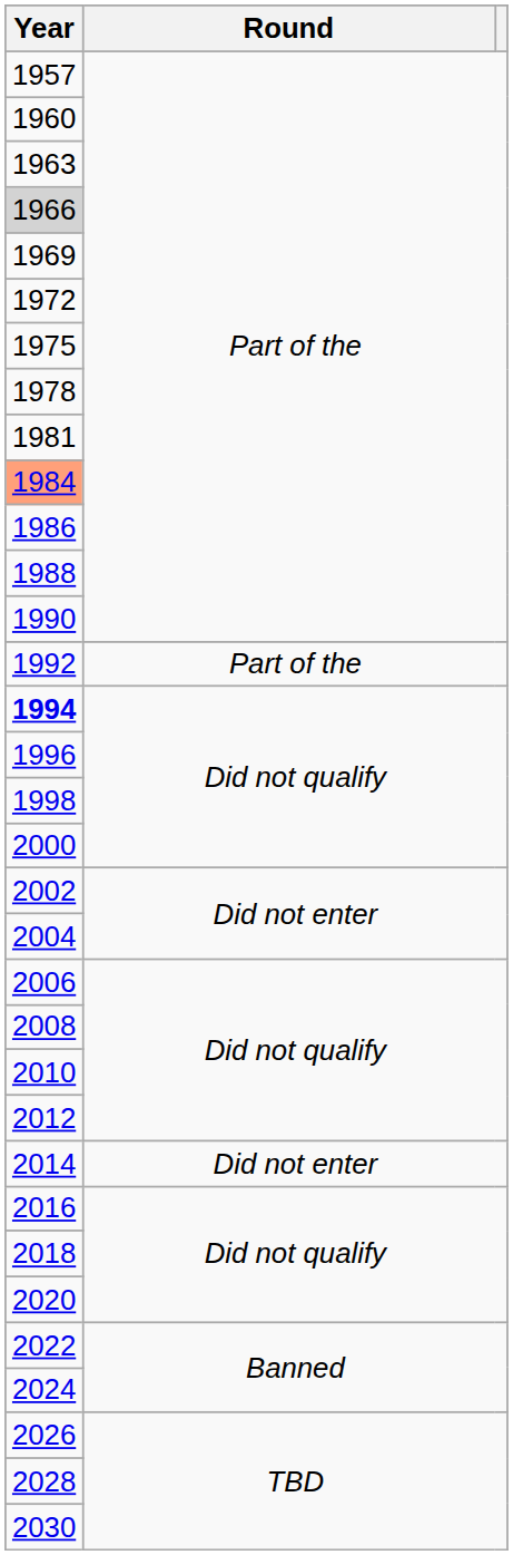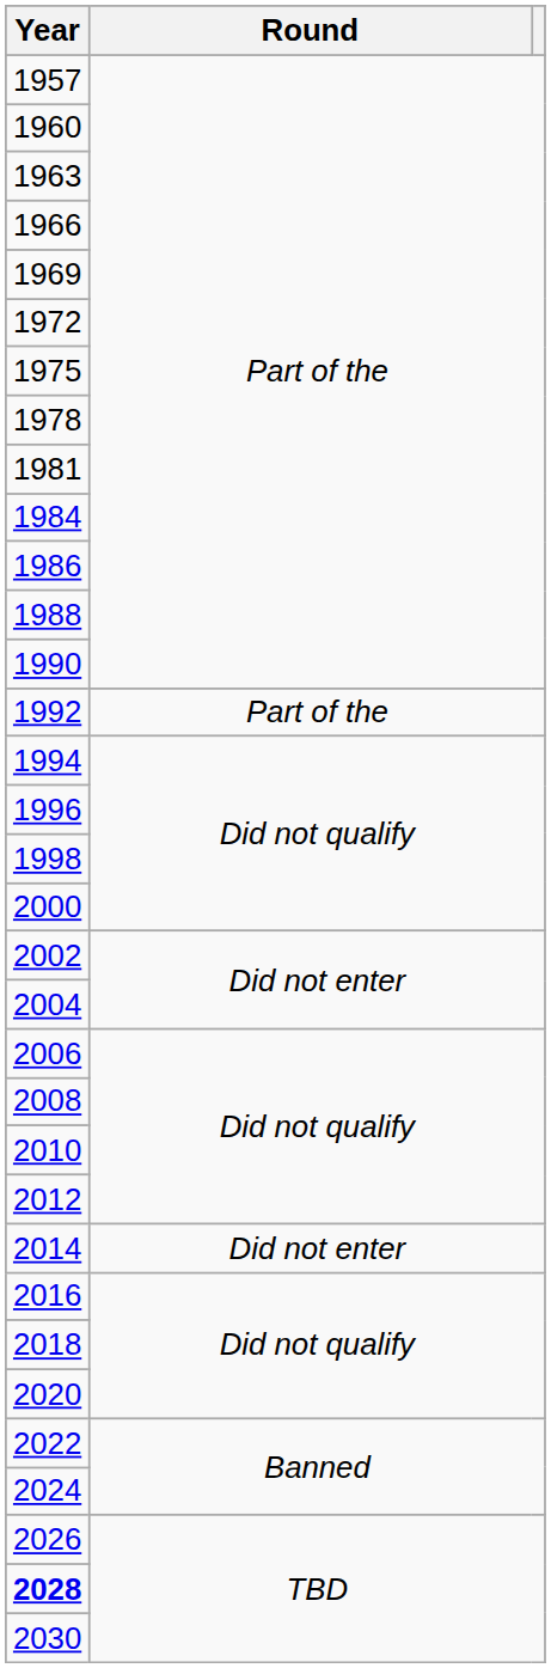 <table class="wikitable" style="text-align: center; font-size:90%">
 <tr>
 <th>Year</th>
 <th style="width:200px">Round</th>
 <th></th>
 </tr>
 <tr>
 <td>1957</td>
 <td colspan="2" rowspan="13"><em>Part of the </em></td>
 </tr>
 <tr>
 <td>1960</td>
 </tr>
 <tr>
 <td>1963</td>
 </tr>
 <tr>
-<td style="background: lightgrey;">1966</td>
+<td>1966</td>
 </tr>
 <tr>
 <td>1969</td>
 </tr>
 <tr>
 <td>1972</td>
 </tr>
 <tr>
 <td>1975</td>
 </tr>
 <tr>
 <td>1978</td>
 </tr>
 <tr>
 <td>1981</td>
 </tr>
 <tr>
-<td style="background: lightsalmon;"><a href='#'>1984</a></td>
+<td><a href='#'>1984</a></td>
 </tr>
 <tr>
 <td><a href='#'>1986</a></td>
 </tr>
 <tr>
 <td><a href='#'>1988</a></td>
 </tr>
 <tr>
 <td><a href='#'>1990</a></td>
 </tr>
 <tr>
 <td><a href='#'>1992</a></td>
 <td colspan="2"><em>Part of the </em></td>
 </tr>
 <tr>
-<td><strong><a href='#'>1994</a></strong></td>
+<td><a href='#'>1994</a></td>
 <td colspan="2" rowspan="4"><em>Did not qualify</em></td>
 </tr>
 <tr>
 <td><a href='#'>1996</a></td>
 </tr>
 <tr>
 <td><a href='#'>1998</a></td>
 </tr>
 <tr>
 <td><a href='#'>2000</a></td>
 </tr>
 <tr>
 <td><a href='#'>2002</a></td>
 <td colspan="2" rowspan="2"><em>Did not enter</em></td>
 </tr>
 <tr>
 <td><a href='#'>2004</a></td>
 </tr>
 <tr>
 <td><a href='#'>2006</a></td>
 <td colspan="2" rowspan="4"><em>Did not qualify</em></td>
 </tr>
 <tr>
 <td><a href='#'>2008</a></td>
 </tr>
 <tr>
 <td><a href='#'>2010</a></td>
 </tr>
 <tr>
 <td><a href='#'>2012</a></td>
 </tr>
 <tr>
 <td><a href='#'>2014</a></td>
 <td colspan="2"><em>Did not enter</em></td>
 </tr>
 <tr>
 <td><a href='#'>2016</a></td>
 <td colspan="2" rowspan="3"><em>Did not qualify</em></td>
 </tr>
 <tr>
 <td><a href='#'>2018</a></td>
 </tr>
 <tr>
 <td><a href='#'>2020</a></td>
 </tr>
 <tr>
 <td><a href='#'>2022</a></td>
 <td colspan="2" rowspan="2"><em>Banned</em></td>
 </tr>
 <tr>
 <td><a href='#'>2024</a></td>
 </tr>
 <tr>
 <td><a href='#'>2026</a></td>
 <td colspan="2" rowspan="3"><em>TBD</em></td>
 </tr>
 <tr>
-<td><a href='#'>2028</a></td>
+<td><strong><a href='#'>2028</a></strong></td>
 </tr>
 <tr>
 <td><a href='#'>2030</a></td>
 </tr>
 </table>
